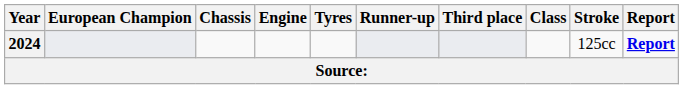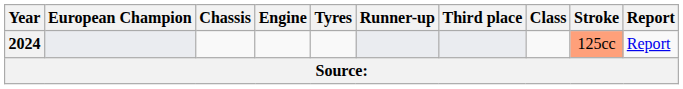 <table class="wikitable" style="font-size:85%; text-align:left;">
 <tr>
 <th>Year</th>
 <th>European Champion</th>
 <th>Chassis</th>
 <th>Engine</th>
 <th>Tyres</th>
 <th>Runner-up</th>
 <th>Third place</th>
 <th>Class</th>
 <th>Stroke</th>
 <th>Report</th>
 </tr>
 <tr>
 <th>2024</th>
 <td style="background-color:#EAECF0"></td>
 <td></td>
 <td></td>
 <td style="text-align:center;"></td>
 <td style="background-color:#EAECF0"></td>
 <td style="background-color:#EAECF0"></td>
 <td style="text-align:center;"></td>
-<td style="text-align:center;">125cc</td>
-<td><strong><a href='#'>Report</a></strong></td>
+<td style="background: lightsalmon; text-align:center;">125cc</td>
+<td><a href='#'>Report</a></td>
 </tr>
 <tr>
 <th colspan="10">Source:</th>
 </tr>
 </table>
